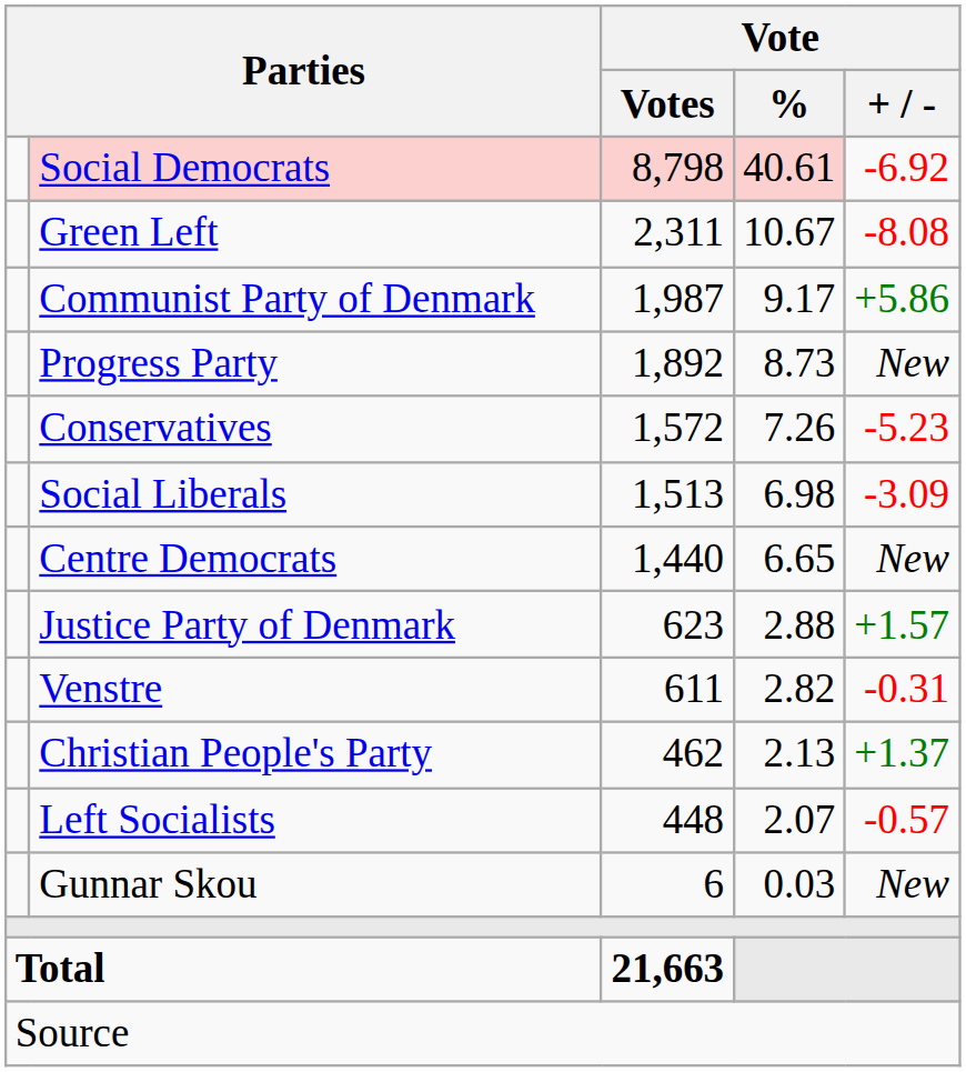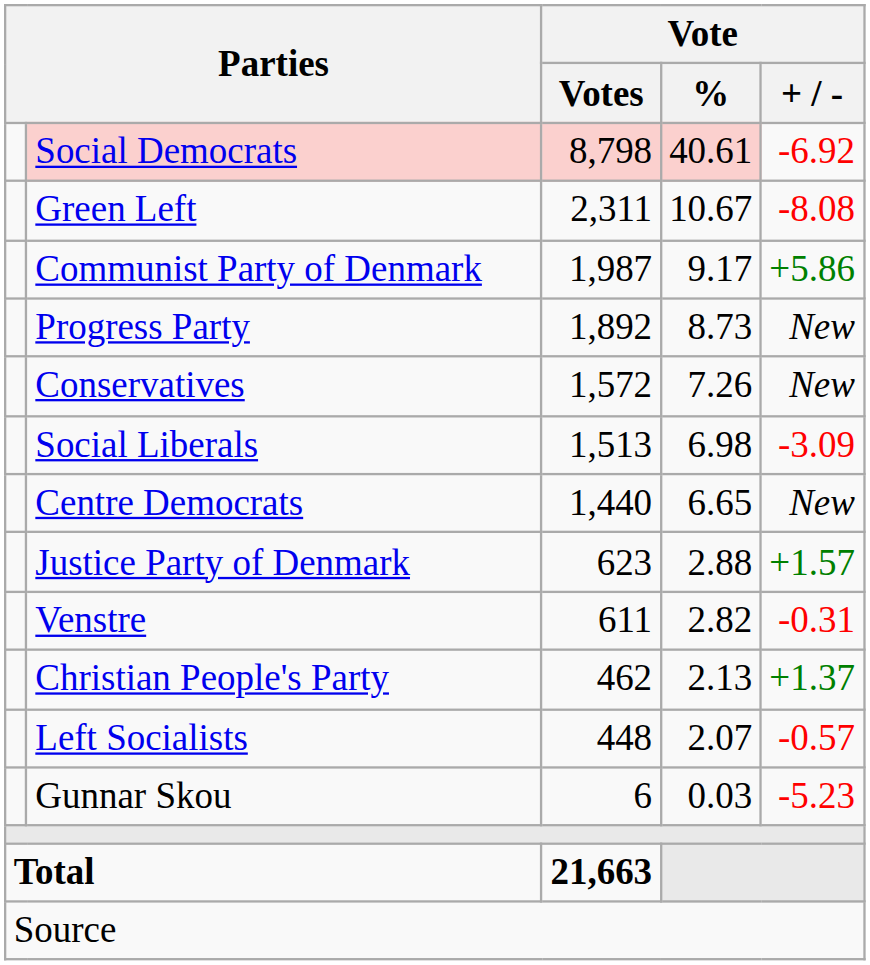 <table class="wikitable" style="text-align:right;">
 <tr>
 <th style="text-align:centre;" rowspan="2" colspan="2" width="225">Parties</th>
 <th colspan="3">Vote</th>
 </tr>
 <tr>
 <th width="15">Votes</th>
 <th width="15">%</th>
 <th width="15">+ / -</th>
 </tr>
 <tr>
 <td width="2" style="color:inherit;background:"></td>
 <td bgcolor=#fbd0ce  align="left"><a href='#'>Social Democrats</a></td>
 <td bgcolor=#fbd0ce>8,798</td>
 <td bgcolor=#fbd0ce>40.61</td>
 <td style=color:red;>-6.92</td>
 </tr>
 <tr>
 <td width="2" style="color:inherit;background:"></td>
 <td align="left"><a href='#'>Green Left</a></td>
 <td>2,311</td>
 <td>10.67</td>
 <td style=color:red;>-8.08</td>
 </tr>
 <tr>
 <td width="2" style="color:inherit;background:"></td>
 <td align="left"><a href='#'>Communist Party of Denmark</a></td>
 <td>1,987</td>
 <td>9.17</td>
 <td style=color:green;>+5.86</td>
 </tr>
 <tr>
 <td width="2" style="color:inherit;background:"></td>
 <td align="left"><a href='#'>Progress Party</a></td>
 <td>1,892</td>
 <td>8.73</td>
 <td><em>New</em></td>
 </tr>
 <tr>
 <td width="2" style="color:inherit;background:"></td>
 <td align="left"><a href='#'>Conservatives</a></td>
 <td>1,572</td>
 <td>7.26</td>
-<td style=color:red;>-5.23</td>
+<td><em>New</em></td>
 </tr>
 <tr>
 <td width="2" style="color:inherit;background:"></td>
 <td align="left"><a href='#'>Social Liberals</a></td>
 <td>1,513</td>
 <td>6.98</td>
 <td style=color:red;>-3.09</td>
 </tr>
 <tr>
 <td width="2" style="color:inherit;background:"></td>
 <td align="left"><a href='#'>Centre Democrats</a></td>
 <td>1,440</td>
 <td>6.65</td>
 <td><em>New</em></td>
 </tr>
 <tr>
 <td width="2" style="color:inherit;background:"></td>
 <td align="left"><a href='#'>Justice Party of Denmark</a></td>
 <td>623</td>
 <td>2.88</td>
 <td style=color:green;>+1.57</td>
 </tr>
 <tr>
 <td width="2" style="color:inherit;background:"></td>
 <td align="left"><a href='#'>Venstre</a></td>
 <td>611</td>
 <td>2.82</td>
 <td style=color:red;>-0.31</td>
 </tr>
 <tr>
 <td width="2" style="color:inherit;background:"></td>
 <td align="left"><a href='#'>Christian People's Party</a></td>
 <td>462</td>
 <td>2.13</td>
 <td style=color:green;>+1.37</td>
 </tr>
 <tr>
 <td width="2" style="color:inherit;background:"></td>
 <td align="left"><a href='#'>Left Socialists</a></td>
 <td>448</td>
 <td>2.07</td>
 <td style=color:red;>-0.57</td>
 </tr>
 <tr>
 <td width="2" style="color:inherit;background:"></td>
 <td align="left">Gunnar Skou</td>
 <td>6</td>
 <td>0.03</td>
-<td><em>New</em></td>
+<td style=color:red;>-5.23</td>
 </tr>
 <tr>
 <td colspan="7" bgcolor="#E9E9E9"></td>
 </tr>
 <tr>
 <td align="left" colspan="2"><strong>Total</strong></td>
 <td><strong>21,663</strong></td>
 <td bgcolor="#E9E9E9" colspan="2"></td>
 </tr>
 <tr>
 <td align="left" colspan="6">Source</td>
 </tr>
 </table>
